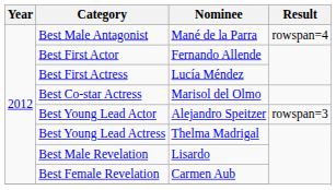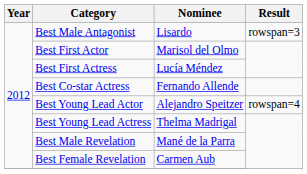 <table class="wikitable">
 <tr style="background:#b0c4de;">
 <th>Year</th>
 <th>Category</th>
 <th>Nominee</th>
 <th>Result</th>
 </tr>
 <tr>
 <td rowspan=8><a href='#'>2012</a></td>
 <td><a href='#'>Best Male Antagonist</a></td>
-<td><a href='#'>Mané de la Parra</a></td>
-<td>rowspan=4 </td>
+<td><a href='#'>Lisardo</a></td>
+<td>rowspan=3 </td>
 </tr>
 <tr>
 <td><a href='#'>Best First Actor</a></td>
-<td><a href='#'>Fernando Allende</a></td>
+<td><a href='#'>Marisol del Olmo</a></td>
 </tr>
 <tr>
 <td><a href='#'>Best First Actress</a></td>
 <td><a href='#'>Lucía Méndez</a></td>
 </tr>
 <tr>
 <td><a href='#'>Best Co-star Actress</a></td>
-<td><a href='#'>Marisol del Olmo</a></td>
+<td><a href='#'>Fernando Allende</a></td>
 <td></td>
 </tr>
 <tr>
 <td><a href='#'>Best Young Lead Actor</a></td>
 <td><a href='#'>Alejandro Speitzer</a></td>
-<td>rowspan=3 </td>
+<td>rowspan=4 </td>
 </tr>
 <tr>
 <td><a href='#'>Best Young Lead Actress</a></td>
 <td><a href='#'>Thelma Madrigal</a></td>
 </tr>
 <tr>
 <td><a href='#'>Best Male Revelation</a></td>
-<td><a href='#'>Lisardo</a></td>
+<td><a href='#'>Mané de la Parra</a></td>
 </tr>
 <tr>
 <td><a href='#'>Best Female Revelation</a></td>
 <td><a href='#'>Carmen Aub</a></td>
 </tr>
 <tr>
 </tr>
 </table>
